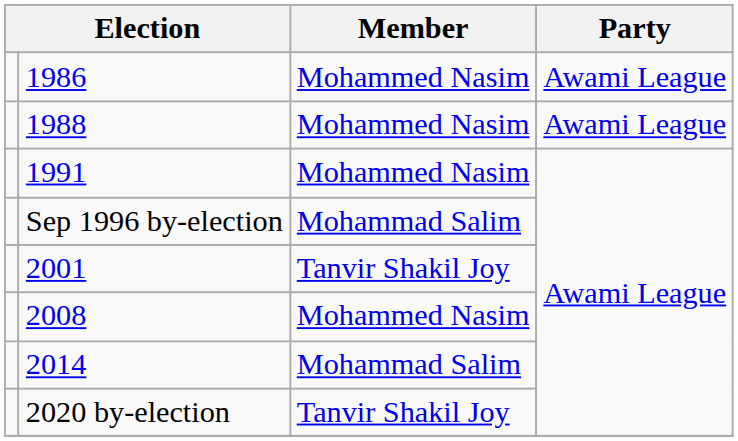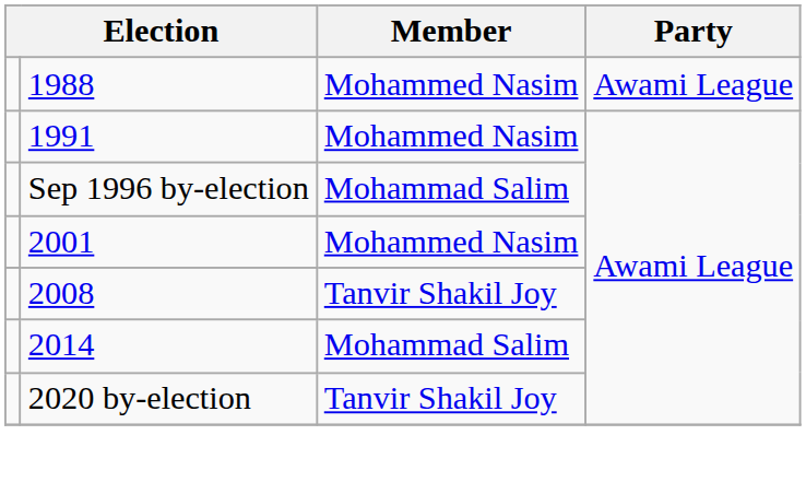 <table class="wikitable">
 <tr>
 <th colspan="2">Election</th>
 <th>Member</th>
 <th>Party</th>
-</tr>
-<tr>
-<td style="background-color:"></td>
-<td><a href='#'>1986</a></td>
-<td><a href='#'>Mohammed Nasim</a></td>
-<td><a href='#'>Awami League</a></td>
 </tr>
 <tr>
 <td style="background-color:"></td>
 <td><a href='#'>1988</a></td>
 <td><a href='#'>Mohammed Nasim</a></td>
 <td><a href='#'>Awami League</a></td>
 </tr>
 <tr>
 <td style="background-color:"></td>
 <td><a href='#'>1991</a></td>
 <td><a href='#'>Mohammed Nasim</a></td>
 <td rowspan="6"><a href='#'>Awami League</a></td>
 </tr>
 <tr>
 <td style="background-color:"></td>
 <td>Sep 1996 by-election</td>
 <td><a href='#'>Mohammad Salim</a></td>
 </tr>
 <tr>
 <td style="background-color:"></td>
 <td><a href='#'>2001</a></td>
-<td><a href='#'>Tanvir Shakil Joy</a></td>
+<td><a href='#'>Mohammed Nasim</a></td>
 </tr>
 <tr>
 <td style="background-color:"></td>
 <td><a href='#'>2008</a></td>
-<td><a href='#'>Mohammed Nasim</a></td>
+<td><a href='#'>Tanvir Shakil Joy</a></td>
 </tr>
 <tr>
 <td style="background-color:"></td>
 <td><a href='#'>2014</a></td>
 <td><a href='#'>Mohammad Salim</a></td>
 </tr>
 <tr>
 <td style="background-color:"></td>
 <td>2020 by-election</td>
 <td><a href='#'>Tanvir Shakil Joy</a></td>
 </tr>
 <tr>
 </tr>
 </table>
